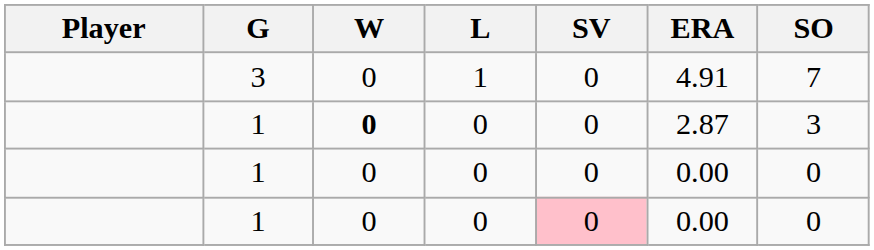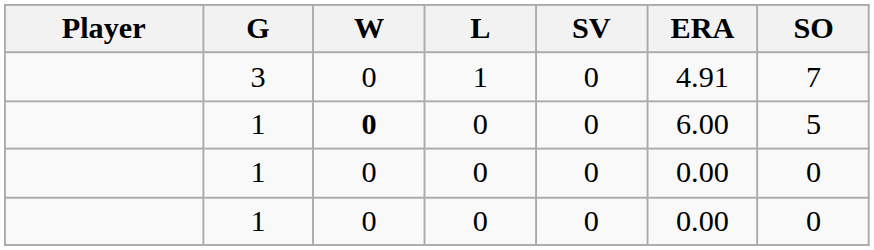 <table class="wikitable sortable">
 <tr>
 <th bgcolor="#DDDDFF" width="16%">Player</th>
 <th bgcolor="#DDDDFF" width="9%">G</th>
 <th bgcolor="#DDDDFF" width="9%">W</th>
 <th bgcolor="#DDDDFF" width="9%">L</th>
 <th bgcolor="#DDDDFF" width="9%">SV</th>
 <th bgcolor="#DDDDFF" width="9%">ERA</th>
 <th bgcolor="#DDDDFF" width="9%">SO</th>
 </tr>
 <tr align="center">
 <td></td>
 <td>3</td>
 <td>0</td>
 <td>1</td>
 <td>0</td>
 <td>4.91</td>
 <td>7</td>
 </tr>
 <tr align="center">
 <td></td>
 <td>1</td>
 <td><strong>0</strong></td>
 <td>0</td>
 <td>0</td>
-<td>2.87</td>
-<td>3</td>
+<td>6.00</td>
+<td>5</td>
 </tr>
 <tr align="center">
 <td></td>
 <td>1</td>
 <td>0</td>
 <td>0</td>
 <td>0</td>
 <td>0.00</td>
 <td>0</td>
 </tr>
 <tr align="center">
 <td></td>
 <td>1</td>
 <td>0</td>
 <td>0</td>
-<td style="background: pink;">0</td>
+<td>0</td>
 <td>0.00</td>
 <td>0</td>
 </tr>
 </table>
